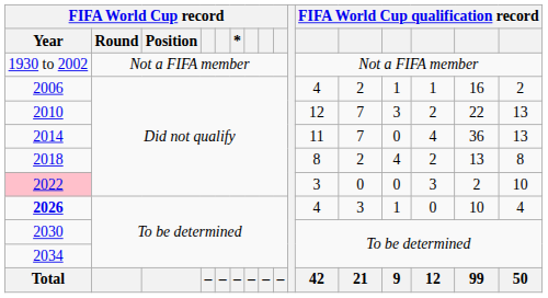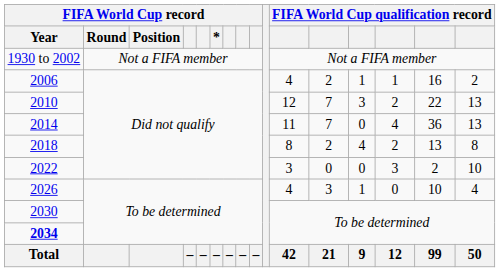 <table class="wikitable" style="text-align: center;">
 <tr>
 <th colspan=9><a href='#'>FIFA World Cup</a> record</th>
 <th rowspan=39></th>
 <th colspan=6><a href='#'>FIFA World Cup qualification</a> record</th>
 </tr>
 <tr>
 <th>Year</th>
 <th>Round</th>
 <th>Position</th>
 <th></th>
 <th></th>
 <th>*</th>
 <th></th>
 <th></th>
 <th></th>
 <th></th>
 <th></th>
 <th></th>
 <th></th>
 <th></th>
 <th></th>
 </tr>
 <tr>
 <td><a href='#'>1930</a> to <a href='#'>2002</a></td>
 <td colspan=8><em>Not a FIFA member</em></td>
 <td colspan=6><em>Not a FIFA member</em></td>
 </tr>
 <tr>
 <td> <a href='#'>2006</a></td>
 <td colspan=8 rowspan=5><em>Did not qualify</em></td>
 <td>4</td>
 <td>2</td>
 <td>1</td>
 <td>1</td>
 <td>16</td>
 <td>2</td>
 </tr>
 <tr>
 <td> <a href='#'>2010</a></td>
 <td>12</td>
 <td>7</td>
 <td>3</td>
 <td>2</td>
 <td>22</td>
 <td>13</td>
 </tr>
 <tr>
 <td> <a href='#'>2014</a></td>
 <td>11</td>
 <td>7</td>
 <td>0</td>
 <td>4</td>
 <td>36</td>
 <td>13</td>
 </tr>
 <tr>
 <td> <a href='#'>2018</a></td>
 <td>8</td>
 <td>2</td>
 <td>4</td>
 <td>2</td>
 <td>13</td>
 <td>8</td>
 </tr>
 <tr>
-<td style="background: pink;"> <a href='#'>2022</a></td>
+<td> <a href='#'>2022</a></td>
 <td>3</td>
 <td>0</td>
 <td>0</td>
 <td>3</td>
 <td>2</td>
 <td>10</td>
 </tr>
 <tr>
-<td><strong>   <a href='#'>2026</a></strong></td>
+<td>   <a href='#'>2026</a></td>
 <td colspan=8 rowspan=3><em>To be determined</em></td>
 <td>4</td>
 <td>3</td>
 <td>1</td>
 <td>0</td>
 <td>10</td>
 <td>4</td>
 </tr>
 <tr>
 <td>   <a href='#'>2030</a></td>
 <td colspan=6 rowspan=2><em>To be determined</em></td>
 </tr>
 <tr>
-<td> <a href='#'>2034</a></td>
+<td><strong> <a href='#'>2034</a></strong></td>
 </tr>
 <tr>
 <th><strong>Total</strong></th>
 <th></th>
 <th><strong></strong></th>
 <th><strong>–</strong></th>
 <th><strong>–</strong></th>
 <th><strong>–</strong></th>
 <th><strong>–</strong></th>
 <th><strong>–</strong></th>
 <th><strong>–</strong></th>
 <th><strong>42</strong></th>
 <th><strong>21</strong></th>
 <th><strong>9</strong></th>
 <th><strong>12</strong></th>
 <th><strong>99</strong></th>
 <th><strong>50</strong></th>
 </tr>
 </table>
